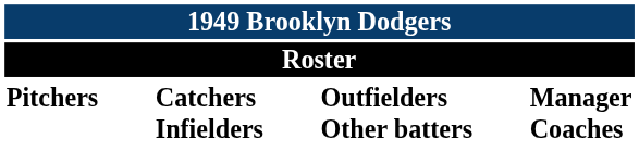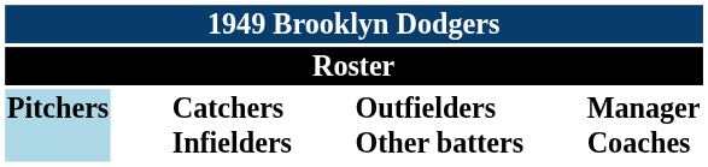 <table class="toccolours" style="font-size: 95%;">
 <tr>
 <th colspan="10" style="background-color: #083c6b; color: white; text-align: center;">1949 Brooklyn Dodgers</th>
 </tr>
 <tr>
 <td colspan="10" style="background-color: black; color: white; text-align: center;"><strong>Roster</strong></td>
 </tr>
 <tr>
-<td valign="top"><strong>Pitchers</strong><br>            </td>
+<td valign="top" style="background: lightblue;"><strong>Pitchers</strong><br>            </td>
 <td width="25px"></td>
 <td valign="top"><strong>Catchers</strong><br>  <strong>Infielders</strong>       </td>
 <td width="25px"></td>
 <td valign="top"><strong>Outfielders</strong><br>          <strong>Other batters</strong>  </td>
 <td width="25px"></td>
 <td valign="top"><strong>Manager</strong><br> <strong>Coaches</strong>   </td>
 </tr>
 </table>
